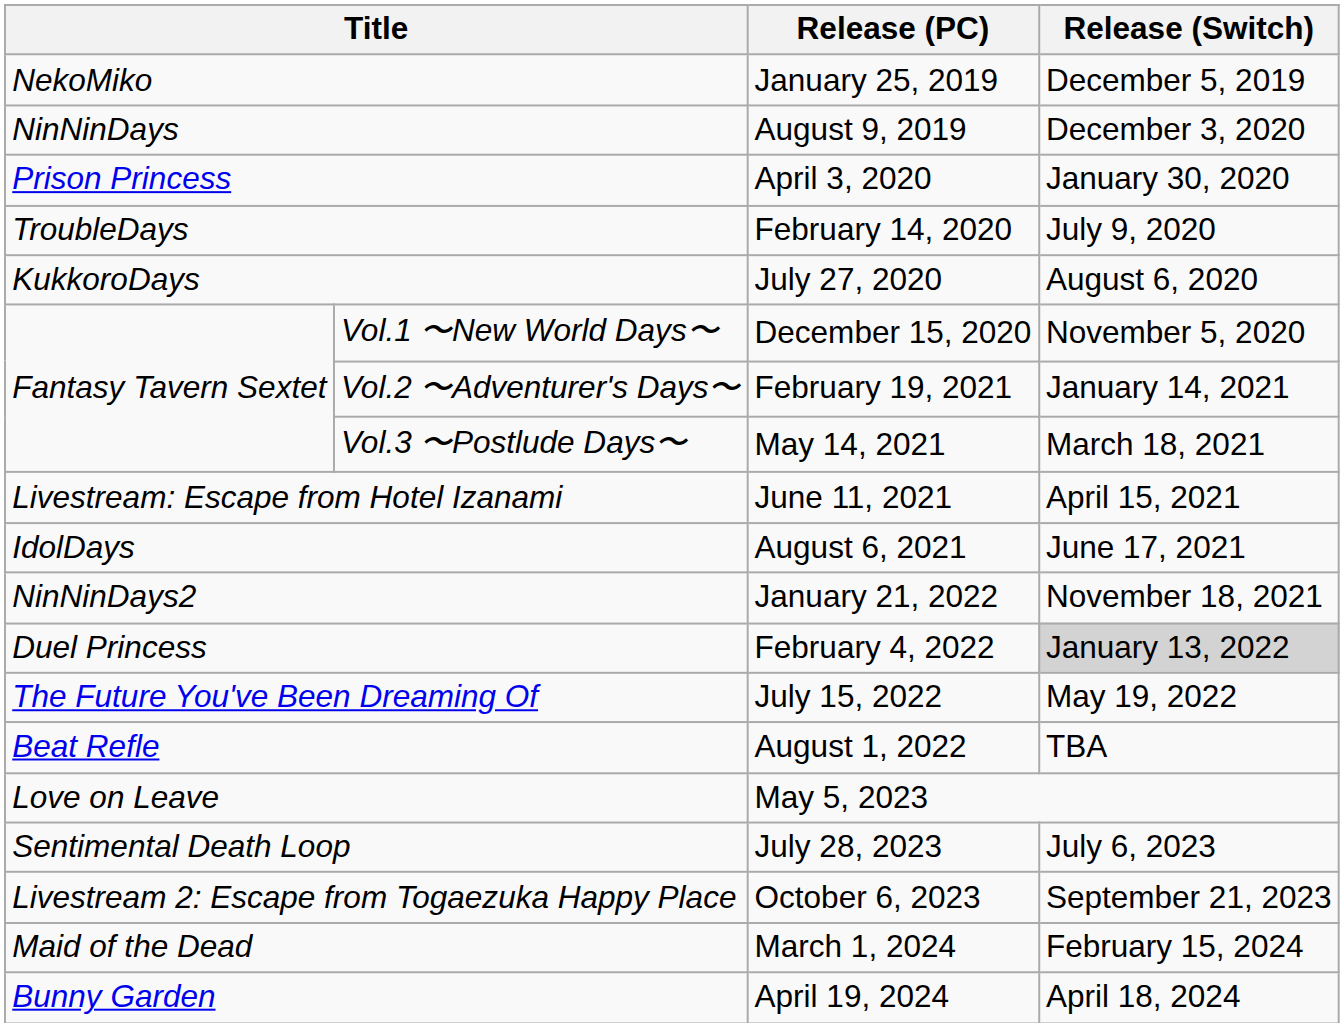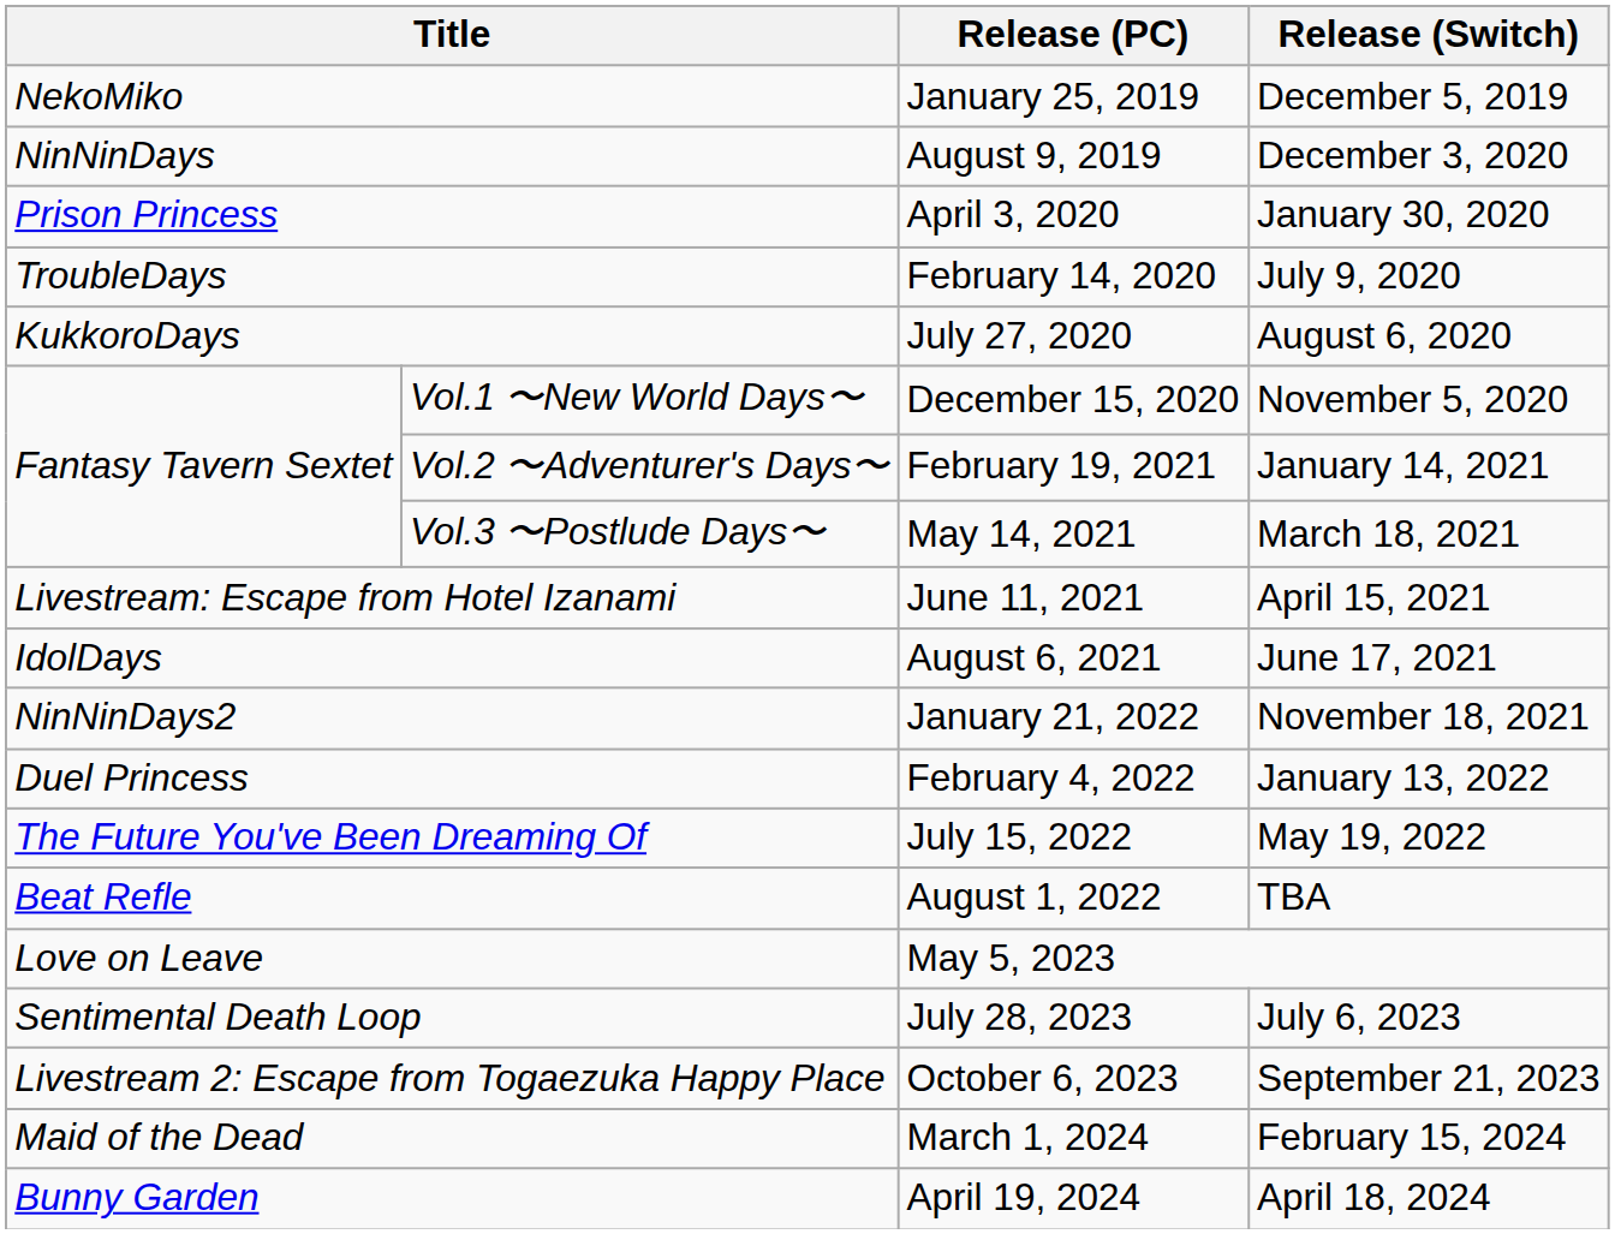 <table class="wikitable">
 <tr>
 <th colspan="2">Title</th>
 <th>Release (PC)</th>
 <th>Release (Switch)</th>
 </tr>
 <tr>
 <td colspan="2"><em>NekoMiko</em></td>
 <td>January 25, 2019</td>
 <td>December 5, 2019</td>
 </tr>
 <tr>
 <td colspan="2"><em>NinNinDays</em></td>
 <td>August 9, 2019</td>
 <td>December 3, 2020</td>
 </tr>
 <tr>
 <td colspan="2"><em><a href='#'>Prison Princess</a></em></td>
 <td>April 3, 2020</td>
 <td>January 30, 2020</td>
 </tr>
 <tr>
 <td colspan="2"><em>TroubleDays</em></td>
 <td>February 14, 2020</td>
 <td>July 9, 2020</td>
 </tr>
 <tr>
 <td colspan="2"><em>KukkoroDays</em></td>
 <td>July 27, 2020</td>
 <td>August 6, 2020</td>
 </tr>
 <tr>
 <td rowspan="3"><em>Fantasy Tavern Sextet</em></td>
 <td><em>Vol.1 〜New World Days〜</em></td>
 <td>December 15, 2020</td>
 <td>November 5, 2020</td>
 </tr>
 <tr>
 <td><em>Vol.2 〜Adventurer's Days〜</em></td>
 <td>February 19, 2021</td>
 <td>January 14, 2021</td>
 </tr>
 <tr>
 <td><em>Vol.3 〜Postlude Days〜</em></td>
 <td>May 14, 2021</td>
 <td>March 18, 2021</td>
 </tr>
 <tr>
 <td colspan="2"><em>Livestream: Escape from Hotel Izanami</em></td>
 <td>June 11, 2021</td>
 <td>April 15, 2021</td>
 </tr>
 <tr>
 <td colspan="2"><em>IdolDays</em></td>
 <td>August 6, 2021</td>
 <td>June 17, 2021</td>
 </tr>
 <tr>
 <td colspan="2"><em>NinNinDays2</em></td>
 <td>January 21, 2022</td>
 <td>November 18, 2021</td>
 </tr>
 <tr>
 <td colspan="2"><em>Duel Princess</em></td>
 <td>February 4, 2022</td>
-<td style="background: lightgrey;">January 13, 2022</td>
+<td>January 13, 2022</td>
 </tr>
 <tr>
 <td colspan="2"><em><a href='#'>The Future You've Been Dreaming Of</a></em></td>
 <td>July 15, 2022</td>
 <td>May 19, 2022</td>
 </tr>
 <tr>
 <td colspan="2"><em><a href='#'>Beat Refle</a></em></td>
 <td>August 1, 2022</td>
 <td>TBA</td>
 </tr>
 <tr>
 <td colspan="2"><em>Love on Leave</em></td>
 <td colspan="2">May 5, 2023</td>
 </tr>
 <tr>
 <td colspan="2"><em>Sentimental Death Loop</em></td>
 <td>July 28, 2023</td>
 <td>July 6, 2023</td>
 </tr>
 <tr>
 <td colspan="2"><em>Livestream 2: Escape from Togaezuka Happy Place</em></td>
 <td>October 6, 2023</td>
 <td>September 21, 2023</td>
 </tr>
 <tr>
 <td colspan="2"><em>Maid of the Dead</em></td>
 <td>March 1, 2024</td>
 <td>February 15, 2024</td>
 </tr>
 <tr>
 <td colspan="2"><em><a href='#'>Bunny Garden</a></em></td>
 <td>April 19, 2024</td>
 <td>April 18, 2024</td>
 </tr>
 </table>
